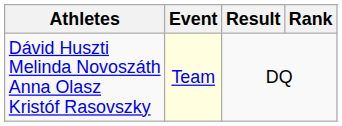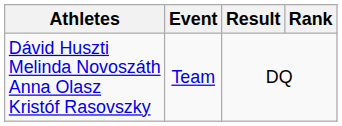 <table class="wikitable" border="1" style="font-size:90%; text-align:center">
 <tr>
 <th>Athletes</th>
 <th>Event</th>
 <th>Result</th>
 <th>Rank</th>
 </tr>
 <tr>
 <td align=left><a href='#'>Dávid Huszti</a><br><a href='#'>Melinda Novoszáth</a><br><a href='#'>Anna Olasz</a><br><a href='#'>Kristóf Rasovszky</a></td>
-<td style="background: lightyellow;"><a href='#'>Team</a></td>
+<td><a href='#'>Team</a></td>
 <td colspan=2>DQ</td>
 </tr>
 </table>
